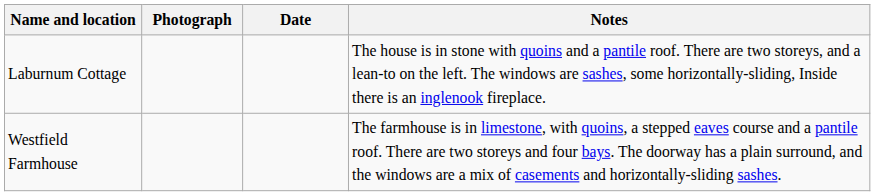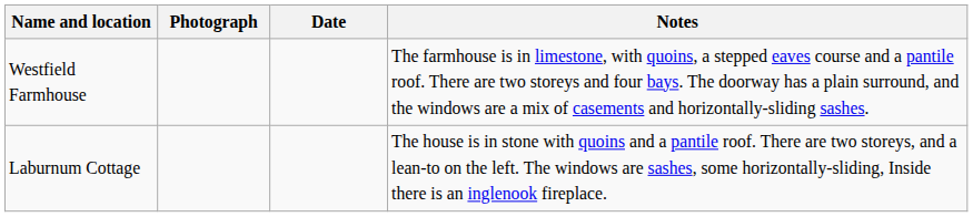 <table class="wikitable sortable plainrowheaders" style="width:100%;border:0px;text-align:left;line-height:150%;">
 <tr>
 <th scope="col"  style="width:150px">Name and location</th>
 <th scope="col"  style="width:100px" class="unsortable">Photograph</th>
 <th scope="col"  style="width:120px">Date</th>
 <th scope="col"  style="width:650px" class="unsortable">Notes</th>
 </tr>
 <tr>
+<td>Westfield Farmhouse<br><small></small></td>
+<td></td>
+<td align="center"></td>
+<td>The farmhouse is in <a href='#'>limestone</a>, with <a href='#'>quoins</a>, a stepped <a href='#'>eaves</a> course and a <a href='#'>pantile</a> roof.  There are two storeys and four <a href='#'>bays</a>.  The doorway has a plain surround, and the windows are a mix of <a href='#'>casements</a> and horizontally-sliding <a href='#'>sashes</a>.</td>
+</tr>
+<tr>
 <td>Laburnum Cottage<br><small></small></td>
 <td></td>
 <td align="center"></td>
 <td>The house is in stone with <a href='#'>quoins</a> and a <a href='#'>pantile</a> roof.  There are two storeys, and a lean-to on the left.  The windows are <a href='#'>sashes</a>, some horizontally-sliding,  Inside there is an <a href='#'>inglenook</a> fireplace.</td>
 </tr>
 <tr>
-<td>Westfield Farmhouse<br><small></small></td>
-<td></td>
-<td align="center"></td>
-<td>The farmhouse is in <a href='#'>limestone</a>, with <a href='#'>quoins</a>, a stepped <a href='#'>eaves</a> course and a <a href='#'>pantile</a> roof.  There are two storeys and four <a href='#'>bays</a>.  The doorway has a plain surround, and the windows are a mix of <a href='#'>casements</a> and horizontally-sliding <a href='#'>sashes</a>.</td>
-</tr>
-<tr>
 </tr>
 </table>
